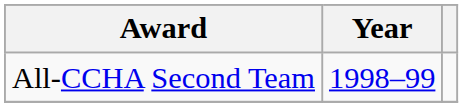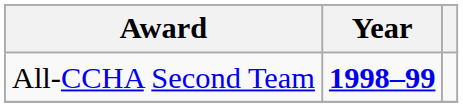 <table class="wikitable">
 <tr>
 <th>Award</th>
 <th>Year</th>
 <th></th>
 </tr>
 <tr>
 <td>All-<a href='#'>CCHA</a> <a href='#'>Second Team</a></td>
-<td><a href='#'>1998–99</a></td>
+<td><strong><a href='#'>1998–99</a></strong></td>
 <td></td>
 </tr>
 <tr>
 </tr>
 </table>
